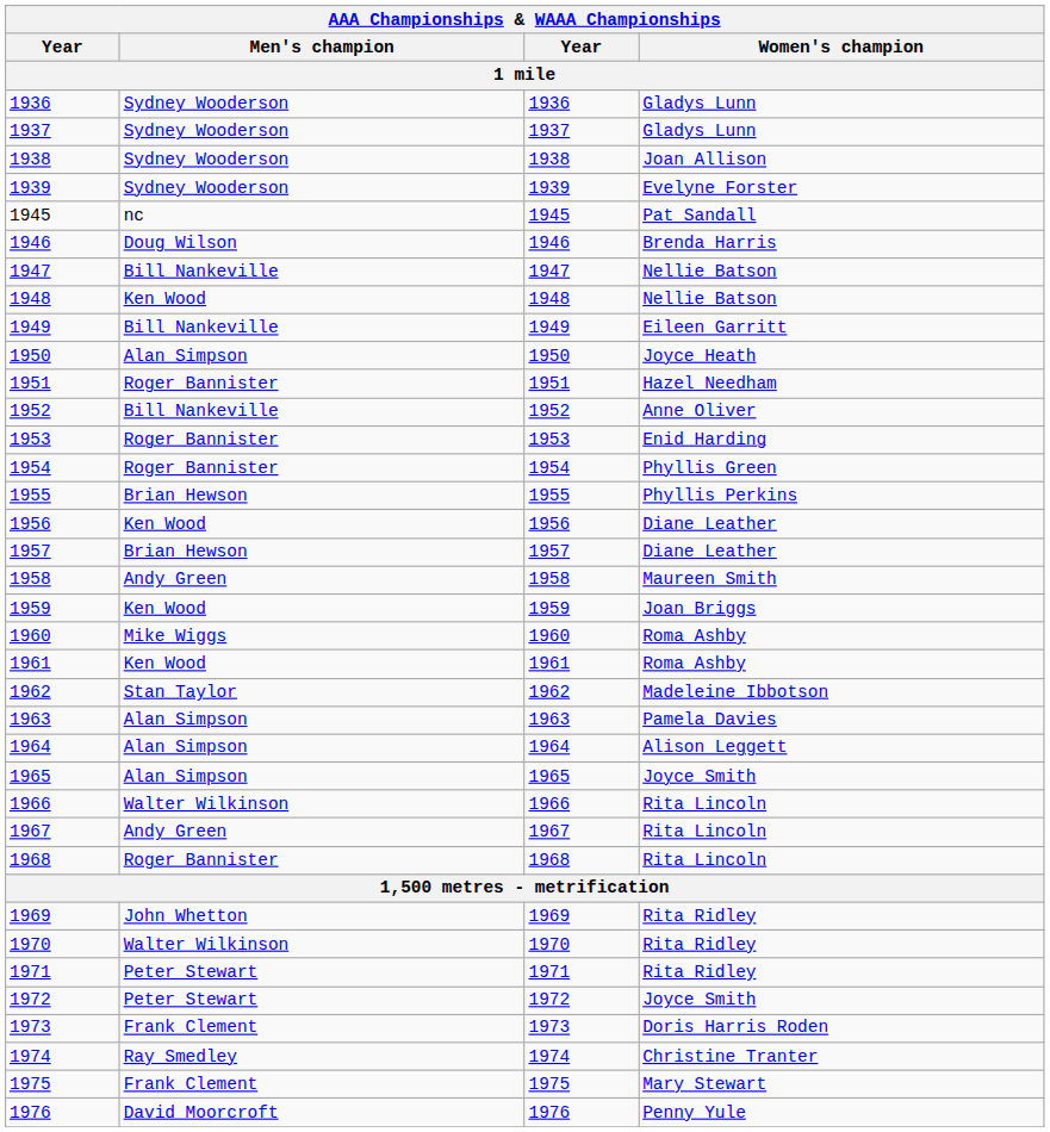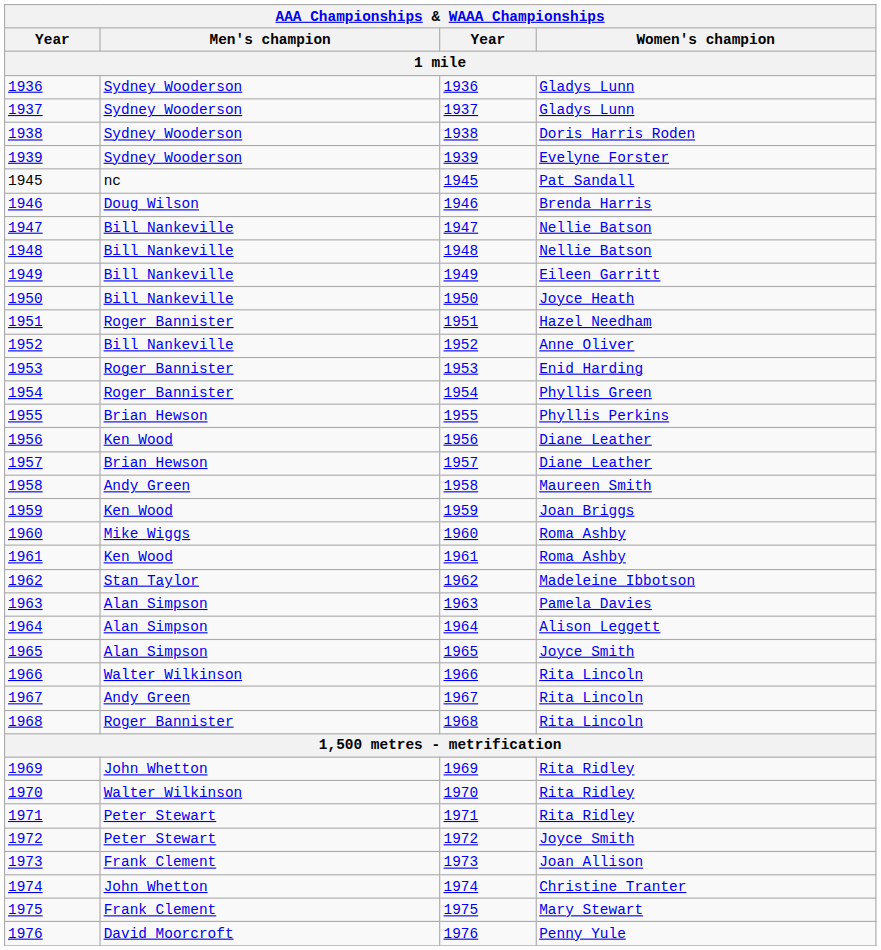 <table class="wikitable">
 <tr>
 <th colspan="4"><a href='#'>AAA Championships</a> & <a href='#'>WAAA Championships</a></th>
 </tr>
 <tr>
 <th width=80>Year</th>
 <th width=300>Men's champion</th>
 <th width=80>Year</th>
 <th width=300>Women's champion</th>
 </tr>
 <tr>
 <th colspan="4"><strong>1 mile</strong></th>
 </tr>
 <tr>
 <td><a href='#'>1936</a></td>
 <td><a href='#'>Sydney Wooderson</a></td>
 <td><a href='#'>1936</a></td>
 <td><a href='#'>Gladys Lunn</a></td>
 </tr>
 <tr>
 <td><a href='#'>1937</a></td>
 <td><a href='#'>Sydney Wooderson</a></td>
 <td><a href='#'>1937</a></td>
 <td><a href='#'>Gladys Lunn</a></td>
 </tr>
 <tr>
 <td><a href='#'>1938</a></td>
 <td><a href='#'>Sydney Wooderson</a></td>
 <td><a href='#'>1938</a></td>
-<td><a href='#'>Joan Allison</a></td>
+<td><a href='#'>Doris Harris Roden</a></td>
 </tr>
 <tr>
 <td><a href='#'>1939</a></td>
 <td><a href='#'>Sydney Wooderson</a></td>
 <td><a href='#'>1939</a></td>
 <td><a href='#'>Evelyne Forster</a></td>
 </tr>
 <tr>
 <td>1945</td>
 <td>nc</td>
 <td><a href='#'>1945</a></td>
 <td><a href='#'>Pat Sandall</a></td>
 </tr>
 <tr>
 <td><a href='#'>1946</a></td>
 <td><a href='#'>Doug Wilson</a></td>
 <td><a href='#'>1946</a></td>
 <td><a href='#'>Brenda Harris</a></td>
 </tr>
 <tr>
 <td><a href='#'>1947</a></td>
 <td><a href='#'>Bill Nankeville</a></td>
 <td><a href='#'>1947</a></td>
 <td><a href='#'>Nellie Batson</a></td>
 </tr>
 <tr>
 <td><a href='#'>1948</a></td>
-<td><a href='#'>Ken Wood</a></td>
+<td><a href='#'>Bill Nankeville</a></td>
 <td><a href='#'>1948</a></td>
 <td><a href='#'>Nellie Batson</a></td>
 </tr>
 <tr>
 <td><a href='#'>1949</a></td>
 <td><a href='#'>Bill Nankeville</a></td>
 <td><a href='#'>1949</a></td>
 <td><a href='#'>Eileen Garritt</a></td>
 </tr>
 <tr>
 <td><a href='#'>1950</a></td>
-<td><a href='#'>Alan Simpson</a></td>
+<td><a href='#'>Bill Nankeville</a></td>
 <td><a href='#'>1950</a></td>
 <td><a href='#'>Joyce Heath</a></td>
 </tr>
 <tr>
 <td><a href='#'>1951</a></td>
 <td><a href='#'>Roger Bannister</a></td>
 <td><a href='#'>1951</a></td>
 <td><a href='#'>Hazel Needham</a></td>
 </tr>
 <tr>
 <td><a href='#'>1952</a></td>
 <td><a href='#'>Bill Nankeville</a></td>
 <td><a href='#'>1952</a></td>
 <td><a href='#'>Anne Oliver</a></td>
 </tr>
 <tr>
 <td><a href='#'>1953</a></td>
 <td><a href='#'>Roger Bannister</a></td>
 <td><a href='#'>1953</a></td>
 <td><a href='#'>Enid Harding</a></td>
 </tr>
 <tr>
 <td><a href='#'>1954</a></td>
 <td><a href='#'>Roger Bannister</a></td>
 <td><a href='#'>1954</a></td>
 <td><a href='#'>Phyllis Green</a></td>
 </tr>
 <tr>
 <td><a href='#'>1955</a></td>
 <td><a href='#'>Brian Hewson</a></td>
 <td><a href='#'>1955</a></td>
 <td><a href='#'>Phyllis Perkins</a></td>
 </tr>
 <tr>
 <td><a href='#'>1956</a></td>
 <td><a href='#'>Ken Wood</a></td>
 <td><a href='#'>1956</a></td>
 <td><a href='#'>Diane Leather</a></td>
 </tr>
 <tr>
 <td><a href='#'>1957</a></td>
 <td><a href='#'>Brian Hewson</a></td>
 <td><a href='#'>1957</a></td>
 <td><a href='#'>Diane Leather</a></td>
 </tr>
 <tr>
 <td><a href='#'>1958</a></td>
 <td><a href='#'>Andy Green</a></td>
 <td><a href='#'>1958</a></td>
 <td><a href='#'>Maureen Smith</a></td>
 </tr>
 <tr>
 <td><a href='#'>1959</a></td>
 <td><a href='#'>Ken Wood</a></td>
 <td><a href='#'>1959</a></td>
 <td><a href='#'>Joan Briggs</a></td>
 </tr>
 <tr>
 <td><a href='#'>1960</a></td>
 <td><a href='#'>Mike Wiggs</a></td>
 <td><a href='#'>1960</a></td>
 <td><a href='#'>Roma Ashby</a></td>
 </tr>
 <tr>
 <td><a href='#'>1961</a></td>
 <td><a href='#'>Ken Wood</a></td>
 <td><a href='#'>1961</a></td>
 <td><a href='#'>Roma Ashby</a></td>
 </tr>
 <tr>
 <td><a href='#'>1962</a></td>
 <td><a href='#'>Stan Taylor</a></td>
 <td><a href='#'>1962</a></td>
 <td><a href='#'>Madeleine Ibbotson</a></td>
 </tr>
 <tr>
 <td><a href='#'>1963</a></td>
 <td><a href='#'>Alan Simpson</a></td>
 <td><a href='#'>1963</a></td>
 <td><a href='#'>Pamela Davies</a></td>
 </tr>
 <tr>
 <td><a href='#'>1964</a></td>
 <td><a href='#'>Alan Simpson</a></td>
 <td><a href='#'>1964</a></td>
 <td><a href='#'>Alison Leggett</a></td>
 </tr>
 <tr>
 <td><a href='#'>1965</a></td>
 <td><a href='#'>Alan Simpson</a></td>
 <td><a href='#'>1965</a></td>
 <td><a href='#'>Joyce Smith</a></td>
 </tr>
 <tr>
 <td><a href='#'>1966</a></td>
 <td><a href='#'>Walter Wilkinson</a></td>
 <td><a href='#'>1966</a></td>
 <td><a href='#'>Rita Lincoln</a></td>
 </tr>
 <tr>
 <td><a href='#'>1967</a></td>
 <td><a href='#'>Andy Green</a></td>
 <td><a href='#'>1967</a></td>
 <td><a href='#'>Rita Lincoln</a></td>
 </tr>
 <tr>
 <td><a href='#'>1968</a></td>
 <td><a href='#'>Roger Bannister</a></td>
 <td><a href='#'>1968</a></td>
 <td><a href='#'>Rita Lincoln</a></td>
 </tr>
 <tr>
 <th colspan="4"><strong>1,500 metres - metrification</strong></th>
 </tr>
 <tr>
 <td><a href='#'>1969</a></td>
 <td><a href='#'>John Whetton</a></td>
 <td><a href='#'>1969</a></td>
 <td><a href='#'>Rita Ridley</a></td>
 </tr>
 <tr>
 <td><a href='#'>1970</a></td>
 <td><a href='#'>Walter Wilkinson</a></td>
 <td><a href='#'>1970</a></td>
 <td><a href='#'>Rita Ridley</a></td>
 </tr>
 <tr>
 <td><a href='#'>1971</a></td>
 <td><a href='#'>Peter Stewart</a></td>
 <td><a href='#'>1971</a></td>
 <td><a href='#'>Rita Ridley</a></td>
 </tr>
 <tr>
 <td><a href='#'>1972</a></td>
 <td><a href='#'>Peter Stewart</a></td>
 <td><a href='#'>1972</a></td>
 <td><a href='#'>Joyce Smith</a></td>
 </tr>
 <tr>
 <td><a href='#'>1973</a></td>
 <td><a href='#'>Frank Clement</a></td>
 <td><a href='#'>1973</a></td>
-<td><a href='#'>Doris Harris Roden</a></td>
+<td><a href='#'>Joan Allison</a></td>
 </tr>
 <tr>
 <td><a href='#'>1974</a></td>
-<td><a href='#'>Ray Smedley</a></td>
+<td><a href='#'>John Whetton</a></td>
 <td><a href='#'>1974</a></td>
 <td><a href='#'>Christine Tranter</a></td>
 </tr>
 <tr>
 <td><a href='#'>1975</a></td>
 <td><a href='#'>Frank Clement</a></td>
 <td><a href='#'>1975</a></td>
 <td><a href='#'>Mary Stewart</a></td>
 </tr>
 <tr>
 <td><a href='#'>1976</a></td>
 <td><a href='#'>David Moorcroft</a></td>
 <td><a href='#'>1976</a></td>
 <td><a href='#'>Penny Yule</a></td>
 </tr>
 </table>
